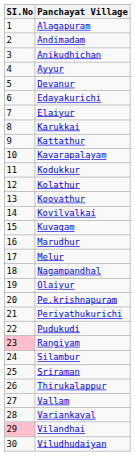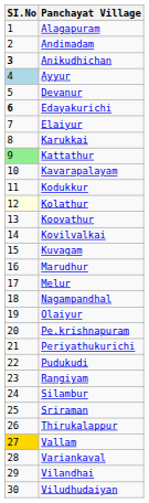 <table class="wikitable sortable">
 <tr>
 <th>SI.No</th>
 <th>Panchayat Village</th>
 </tr>
 <tr>
 <td>1</td>
 <td><a href='#'>Alagapuram</a></td>
 </tr>
 <tr>
 <td>2</td>
 <td><a href='#'>Andimadam</a></td>
 </tr>
 <tr>
-<td>3</td>
+<td><strong>3</strong></td>
 <td><a href='#'>Anikudhichan</a></td>
 </tr>
 <tr>
-<td>4</td>
+<td style="background: lightblue;">4</td>
 <td><a href='#'>Ayyur</a></td>
 </tr>
 <tr>
 <td>5</td>
 <td><a href='#'>Devanur</a></td>
 </tr>
 <tr>
-<td>6</td>
+<td><strong>6</strong></td>
 <td><a href='#'>Edayakurichi</a></td>
 </tr>
 <tr>
 <td>7</td>
 <td><a href='#'>Elaiyur</a></td>
 </tr>
 <tr>
 <td>8</td>
 <td><a href='#'>Karukkai</a></td>
 </tr>
 <tr>
-<td>9</td>
+<td style="background: lightgreen;">9</td>
 <td><a href='#'>Kattathur</a></td>
 </tr>
 <tr>
 <td>10</td>
 <td><a href='#'>Kavarapalayam</a></td>
 </tr>
 <tr>
 <td>11</td>
 <td><a href='#'>Kodukkur</a></td>
 </tr>
 <tr>
-<td>12</td>
+<td style="background: lightyellow;">12</td>
 <td><a href='#'>Kolathur</a></td>
 </tr>
 <tr>
 <td>13</td>
 <td><a href='#'>Koovathur</a></td>
 </tr>
 <tr>
 <td>14</td>
 <td><a href='#'>Kovilvalkai</a></td>
 </tr>
 <tr>
 <td>15</td>
 <td><a href='#'>Kuvagam</a></td>
 </tr>
 <tr>
 <td>16</td>
 <td><a href='#'>Marudhur</a></td>
 </tr>
 <tr>
 <td>17</td>
 <td><a href='#'>Melur</a></td>
 </tr>
 <tr>
 <td>18</td>
 <td><a href='#'>Nagampandhal</a></td>
 </tr>
 <tr>
 <td>19</td>
 <td><a href='#'>Olaiyur</a></td>
 </tr>
 <tr>
 <td>20</td>
 <td><a href='#'>Pe.krishnapuram</a></td>
 </tr>
 <tr>
 <td>21</td>
 <td><a href='#'>Periyathukurichi</a></td>
 </tr>
 <tr>
 <td>22</td>
 <td><a href='#'>Pudukudi</a></td>
 </tr>
 <tr>
-<td style="background: pink;">23</td>
+<td>23</td>
 <td><a href='#'>Rangiyam</a></td>
 </tr>
 <tr>
 <td>24</td>
 <td><a href='#'>Silambur</a></td>
 </tr>
 <tr>
 <td>25</td>
 <td><a href='#'>Sriraman</a></td>
 </tr>
 <tr>
 <td>26</td>
 <td><a href='#'>Thirukalappur</a></td>
 </tr>
 <tr>
-<td>27</td>
+<td style="background: gold;">27</td>
 <td><a href='#'>Vallam</a></td>
 </tr>
 <tr>
 <td>28</td>
 <td><a href='#'>Variankaval</a></td>
 </tr>
 <tr>
-<td style="background: pink;">29</td>
+<td>29</td>
 <td><a href='#'>Vilandhai</a></td>
 </tr>
 <tr>
 <td>30</td>
 <td><a href='#'>Viludhudaiyan</a></td>
 </tr>
 </table>
